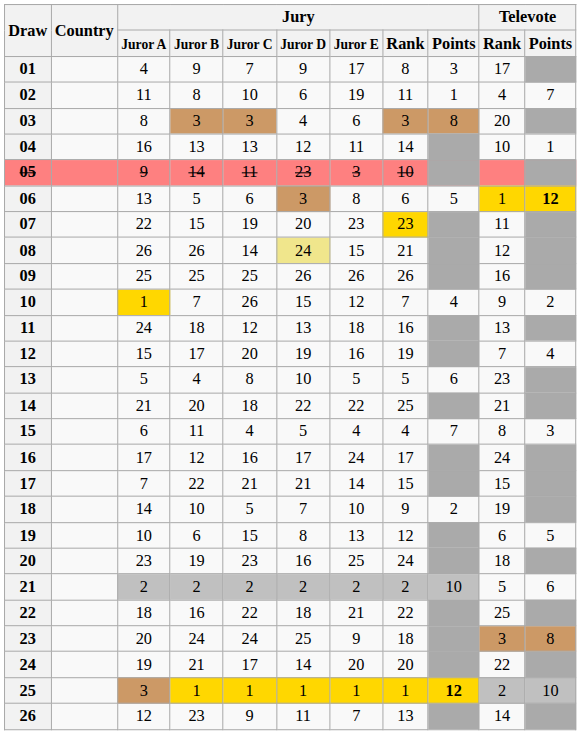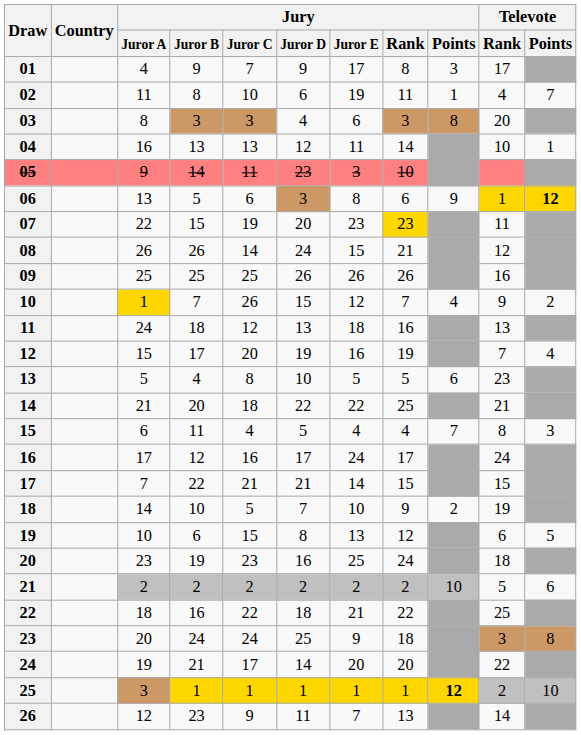 <table class="sortable wikitable collapsible plainrowheaders" style="text-align:center;">
 <tr>
 </tr>
 <tr>
 <th scope="col" rowspan="2">Draw</th>
 <th scope="col" rowspan="2">Country</th>
 <th scope="col" colspan="7">Jury</th>
 <th scope="col" colspan="2">Televote</th>
 </tr>
 <tr>
 <th scope="col"><small>Juror A</small></th>
 <th scope="col"><small>Juror B</small></th>
 <th scope="col"><small>Juror C</small></th>
 <th scope="col"><small>Juror D</small></th>
 <th scope="col"><small>Juror E</small></th>
 <th scope="col">Rank</th>
 <th scope="col" class="unsortable">Points</th>
 <th scope="col">Rank</th>
 <th scope="col" class="unsortable">Points</th>
 </tr>
 <tr>
 <th scope="row" style="text-align:center;">01</th>
 <td style="text-align:left;"></td>
 <td>4</td>
 <td>9</td>
 <td>7</td>
 <td>9</td>
 <td>17</td>
 <td>8</td>
 <td>3</td>
 <td>17</td>
 <td style="background:#AAAAAA;"></td>
 </tr>
 <tr>
 <th scope="row" style="text-align:center;">02</th>
 <td style="text-align:left;"></td>
 <td>11</td>
 <td>8</td>
 <td>10</td>
 <td>6</td>
 <td>19</td>
 <td>11</td>
 <td>1</td>
 <td>4</td>
 <td>7</td>
 </tr>
 <tr>
 <th scope="row" style="text-align:center;">03</th>
 <td style="text-align:left;"></td>
 <td>8</td>
 <td style="background:#CC9966;">3</td>
 <td style="background:#CC9966;">3</td>
 <td>4</td>
 <td>6</td>
 <td style="background:#CC9966;">3</td>
 <td style="background:#CC9966;">8</td>
 <td>20</td>
 <td style="background:#AAAAAA;"></td>
 </tr>
 <tr>
 <th scope="row" style="text-align:center;">04</th>
 <td style="text-align:left;"></td>
 <td>16</td>
 <td>13</td>
 <td>13</td>
 <td>12</td>
 <td>11</td>
 <td>14</td>
 <td style="background:#AAAAAA;"></td>
 <td>10</td>
 <td>1</td>
 </tr>
 <tr style="background:#FE8080">
 <th scope="row" style="text-align:center; background:#FE8080"><s>05</s></th>
 <td style="text-align:left;"><s></s> </td>
 <td><s>9</s></td>
 <td><s>14</s></td>
 <td><s>11</s></td>
 <td><s>23</s></td>
 <td><s>3</s></td>
 <td><s>10</s></td>
 <td style="background:#AAAAAA;"></td>
 <td></td>
 <td style="background:#AAAAAA;"></td>
 </tr>
 <tr>
 <th scope="row" style="text-align:center;">06</th>
 <td style="text-align:left;"></td>
 <td>13</td>
 <td>5</td>
 <td>6</td>
 <td style="background:#CC9966;">3</td>
 <td>8</td>
 <td>6</td>
-<td>5</td>
+<td>9</td>
 <td style="background:gold;">1</td>
 <td style="background:gold;"><strong>12</strong></td>
 </tr>
 <tr>
 <th scope="row" style="text-align:center;">07</th>
 <td style="text-align:left;"></td>
 <td>22</td>
 <td>15</td>
 <td>19</td>
 <td>20</td>
 <td>23</td>
 <td style="background: gold;">23</td>
 <td style="background:#AAAAAA;"></td>
 <td>11</td>
 <td style="background:#AAAAAA;"></td>
 </tr>
 <tr>
 <th scope="row" style="text-align:center;">08</th>
 <td style="text-align:left;"></td>
 <td>26</td>
 <td>26</td>
 <td>14</td>
-<td style="background: khaki;">24</td>
+<td>24</td>
 <td>15</td>
 <td>21</td>
 <td style="background:#AAAAAA;"></td>
 <td>12</td>
 <td style="background:#AAAAAA;"></td>
 </tr>
 <tr>
 <th scope="row" style="text-align:center;">09</th>
 <td style="text-align:left;"></td>
 <td>25</td>
 <td>25</td>
 <td>25</td>
 <td>26</td>
 <td>26</td>
 <td>26</td>
 <td style="background:#AAAAAA;"></td>
 <td>16</td>
 <td style="background:#AAAAAA;"></td>
 </tr>
 <tr>
 <th scope="row" style="text-align:center;">10</th>
 <td style="text-align:left;"></td>
 <td style="background:gold;">1</td>
 <td>7</td>
 <td>26</td>
 <td>15</td>
 <td>12</td>
 <td>7</td>
 <td>4</td>
 <td>9</td>
 <td>2</td>
 </tr>
 <tr>
 <th scope="row" style="text-align:center;">11</th>
 <td style="text-align:left;"></td>
 <td>24</td>
 <td>18</td>
 <td>12</td>
 <td>13</td>
 <td>18</td>
 <td>16</td>
 <td style="background:#AAAAAA;"></td>
 <td>13</td>
 <td style="background:#AAAAAA;"></td>
 </tr>
 <tr>
 <th scope="row" style="text-align:center;">12</th>
 <td style="text-align:left;"></td>
 <td>15</td>
 <td>17</td>
 <td>20</td>
 <td>19</td>
 <td>16</td>
 <td>19</td>
 <td style="background:#AAAAAA;"></td>
 <td>7</td>
 <td>4</td>
 </tr>
 <tr>
 <th scope="row" style="text-align:center;">13</th>
 <td style="text-align:left;"></td>
 <td>5</td>
 <td>4</td>
 <td>8</td>
 <td>10</td>
 <td>5</td>
 <td>5</td>
 <td>6</td>
 <td>23</td>
 <td style="background:#AAAAAA;"></td>
 </tr>
 <tr>
 <th scope="row" style="text-align:center;">14</th>
 <td style="text-align:left;"></td>
 <td>21</td>
 <td>20</td>
 <td>18</td>
 <td>22</td>
 <td>22</td>
 <td>25</td>
 <td style="background:#AAAAAA;"></td>
 <td>21</td>
 <td style="background:#AAAAAA;"></td>
 </tr>
 <tr>
 <th scope="row" style="text-align:center;">15</th>
 <td style="text-align:left;"></td>
 <td>6</td>
 <td>11</td>
 <td>4</td>
 <td>5</td>
 <td>4</td>
 <td>4</td>
 <td>7</td>
 <td>8</td>
 <td>3</td>
 </tr>
 <tr>
 <th scope="row" style="text-align:center;">16</th>
 <td style="text-align:left;"></td>
 <td>17</td>
 <td>12</td>
 <td>16</td>
 <td>17</td>
 <td>24</td>
 <td>17</td>
 <td style="background:#AAAAAA;"></td>
 <td>24</td>
 <td style="background:#AAAAAA;"></td>
 </tr>
 <tr>
 <th scope="row" style="text-align:center;">17</th>
 <td style="text-align:left;"></td>
 <td>7</td>
 <td>22</td>
 <td>21</td>
 <td>21</td>
 <td>14</td>
 <td>15</td>
 <td style="background:#AAAAAA;"></td>
 <td>15</td>
 <td style="background:#AAAAAA;"></td>
 </tr>
 <tr>
 <th scope="row" style="text-align:center;">18</th>
 <td style="text-align:left;"></td>
 <td>14</td>
 <td>10</td>
 <td>5</td>
 <td>7</td>
 <td>10</td>
 <td>9</td>
 <td>2</td>
 <td>19</td>
 <td style="background:#AAAAAA;"></td>
 </tr>
 <tr>
 <th scope="row" style="text-align:center;">19</th>
 <td style="text-align:left;"></td>
 <td>10</td>
 <td>6</td>
 <td>15</td>
 <td>8</td>
 <td>13</td>
 <td>12</td>
 <td style="background:#AAAAAA;"></td>
 <td>6</td>
 <td>5</td>
 </tr>
 <tr>
 <th scope="row" style="text-align:center;">20</th>
 <td style="text-align:left;"></td>
 <td>23</td>
 <td>19</td>
 <td>23</td>
 <td>16</td>
 <td>25</td>
 <td>24</td>
 <td style="background:#AAAAAA;"></td>
 <td>18</td>
 <td style="background:#AAAAAA;"></td>
 </tr>
 <tr>
 <th scope="row" style="text-align:center;">21</th>
 <td style="text-align:left;"></td>
 <td style="background:silver;">2</td>
 <td style="background:silver;">2</td>
 <td style="background:silver;">2</td>
 <td style="background:silver;">2</td>
 <td style="background:silver;">2</td>
 <td style="background:silver;">2</td>
 <td style="background:silver;">10</td>
 <td>5</td>
 <td>6</td>
 </tr>
 <tr>
 <th scope="row" style="text-align:center;">22</th>
 <td style="text-align:left;"></td>
 <td>18</td>
 <td>16</td>
 <td>22</td>
 <td>18</td>
 <td>21</td>
 <td>22</td>
 <td style="background:#AAAAAA;"></td>
 <td>25</td>
 <td style="background:#AAAAAA;"></td>
 </tr>
 <tr>
 <th scope="row" style="text-align:center;">23</th>
 <td style="text-align:left;"></td>
 <td>20</td>
 <td>24</td>
 <td>24</td>
 <td>25</td>
 <td>9</td>
 <td>18</td>
 <td style="background:#AAAAAA;"></td>
 <td style="background:#CC9966;">3</td>
 <td style="background:#CC9966;">8</td>
 </tr>
 <tr>
 <th scope="row" style="text-align:center;">24</th>
 <td style="text-align:left;"></td>
 <td>19</td>
 <td>21</td>
 <td>17</td>
 <td>14</td>
 <td>20</td>
 <td>20</td>
 <td style="background:#AAAAAA;"></td>
 <td>22</td>
 <td style="background:#AAAAAA;"></td>
 </tr>
 <tr>
 <th scope="row" style="text-align:center;">25</th>
 <td style="text-align:left;"></td>
 <td style="background:#CC9966;">3</td>
 <td style="background:gold;">1</td>
 <td style="background:gold;">1</td>
 <td style="background:gold;">1</td>
 <td style="background:gold;">1</td>
 <td style="background:gold;">1</td>
 <td style="background:gold;"><strong>12</strong></td>
 <td style="background:silver;">2</td>
 <td style="background:silver;">10</td>
 </tr>
 <tr>
 <th scope="row" style="text-align:center;">26</th>
 <td style="text-align:left;"></td>
 <td>12</td>
 <td>23</td>
 <td>9</td>
 <td>11</td>
 <td>7</td>
 <td>13</td>
 <td style="background:#AAAAAA;"></td>
 <td>14</td>
 <td style="background:#AAAAAA;"></td>
 </tr>
 </table>
